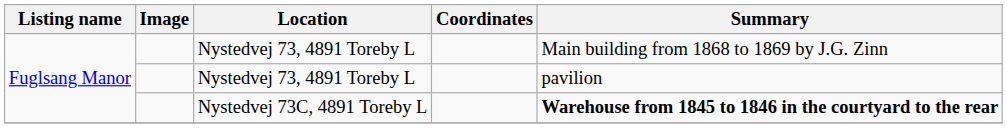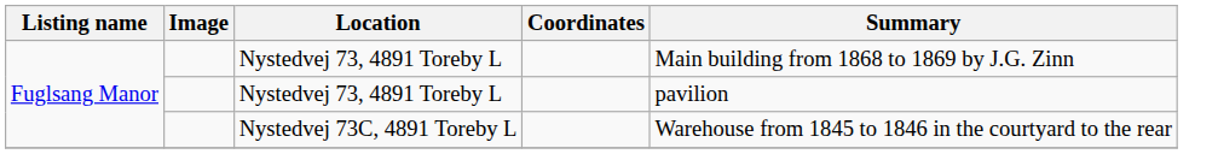 <table class="wikitable sortable">
 <tr>
 <th>Listing name</th>
 <th>Image</th>
 <th>Location</th>
 <th>Coordinates</th>
 <th>Summary</th>
 </tr>
 <tr>
 <td rowspan="3"><a href='#'>Fuglsang Manor</a></td>
 <td></td>
 <td>Nystedvej 73, 4891 Toreby L</td>
 <td></td>
 <td>Main building from 1868 to 1869 by J.G. Zinn</td>
 </tr>
 <tr>
 <td></td>
 <td>Nystedvej 73, 4891 Toreby L</td>
 <td></td>
 <td>pavilion</td>
 </tr>
 <tr>
 <td></td>
 <td>Nystedvej 73C, 4891 Toreby L</td>
 <td></td>
-<td><strong>Warehouse from 1845 to 1846 in the courtyard to the rear</strong></td>
+<td>Warehouse from 1845 to 1846 in the courtyard to the rear</td>
 </tr>
 <tr>
 </tr>
 </table>
